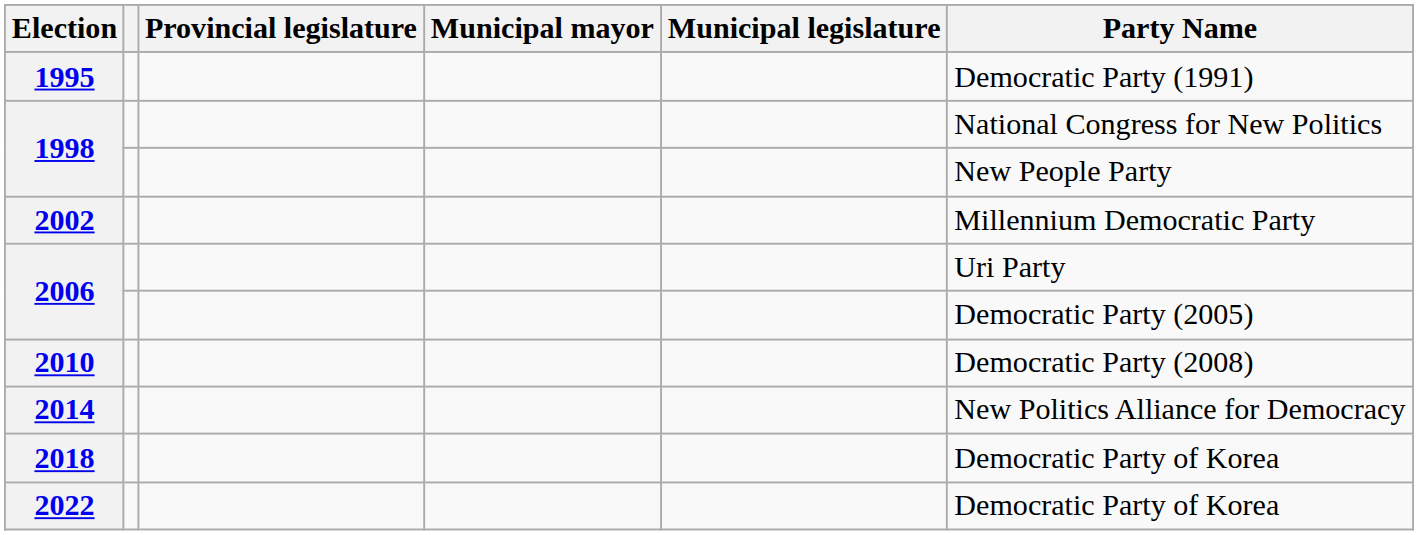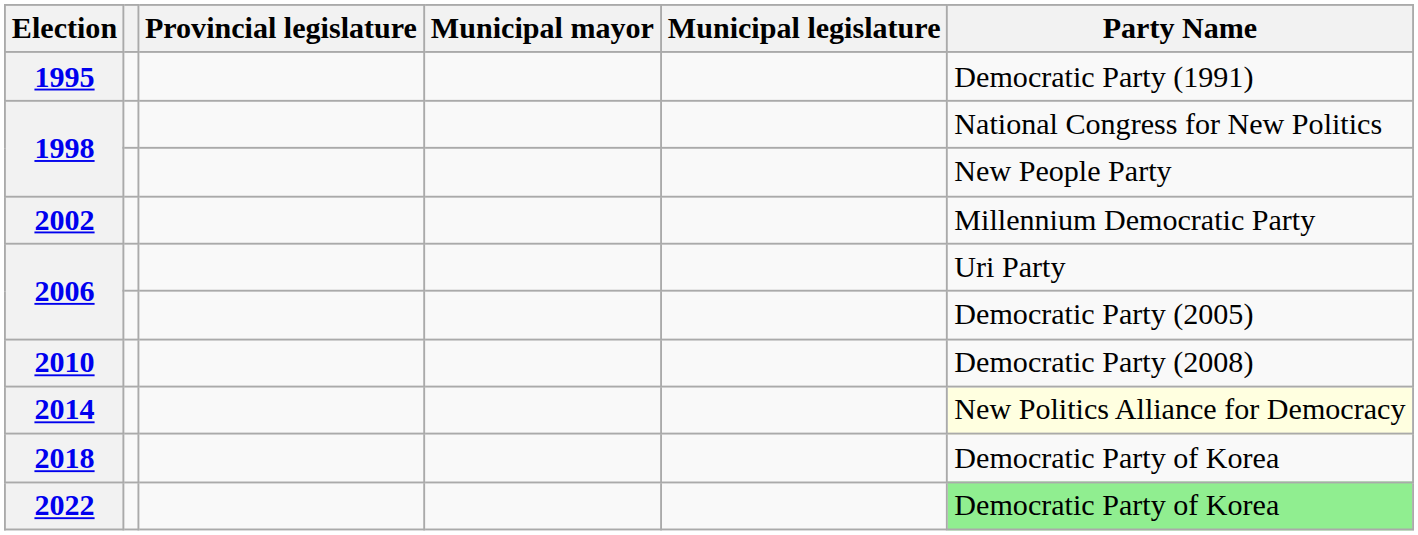 <table class="wikitable">
 <tr>
 <th>Election</th>
 <th></th>
 <th>Provincial legislature</th>
 <th>Municipal mayor</th>
 <th>Municipal legislature</th>
 <th>Party Name</th>
 </tr>
 <tr>
 <th><a href='#'>1995</a></th>
 <td></td>
 <td></td>
 <td></td>
 <td></td>
 <td>Democratic Party (1991)</td>
 </tr>
 <tr>
 <th rowspan="2"><a href='#'>1998</a></th>
 <td></td>
 <td></td>
 <td></td>
 <td></td>
 <td>National Congress for New Politics</td>
 </tr>
 <tr>
 <td></td>
 <td></td>
 <td></td>
 <td></td>
 <td>New People Party</td>
 </tr>
 <tr>
 <th><a href='#'>2002</a></th>
 <td></td>
 <td></td>
 <td></td>
 <td></td>
 <td>Millennium Democratic Party</td>
 </tr>
 <tr>
 <th rowspan="2"><a href='#'>2006</a></th>
 <td></td>
 <td></td>
 <td></td>
 <td></td>
 <td>Uri Party</td>
 </tr>
 <tr>
 <td></td>
 <td></td>
 <td></td>
 <td></td>
 <td>Democratic Party (2005)</td>
 </tr>
 <tr>
 <th><a href='#'>2010</a></th>
 <td></td>
 <td></td>
 <td></td>
 <td></td>
 <td>Democratic Party (2008)</td>
 </tr>
 <tr>
 <th><a href='#'>2014</a></th>
 <td></td>
 <td></td>
 <td></td>
 <td></td>
-<td>New Politics Alliance for Democracy</td>
+<td style="background: lightyellow;">New Politics Alliance for Democracy</td>
 </tr>
 <tr>
 <th><a href='#'>2018</a></th>
 <td></td>
 <td></td>
 <td></td>
 <td></td>
 <td>Democratic Party of Korea</td>
 </tr>
 <tr>
 <th><a href='#'>2022</a></th>
 <td></td>
 <td></td>
 <td></td>
 <td></td>
-<td>Democratic Party of Korea</td>
+<td style="background: lightgreen;">Democratic Party of Korea</td>
 </tr>
 </table>
